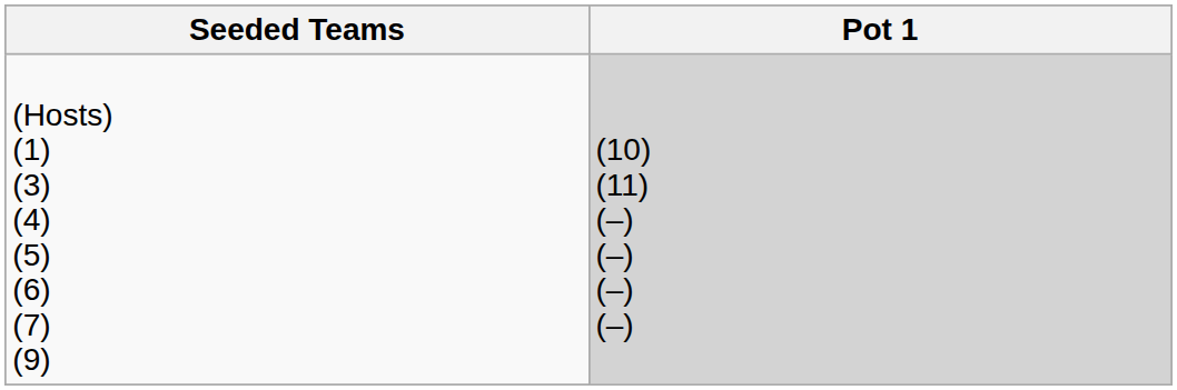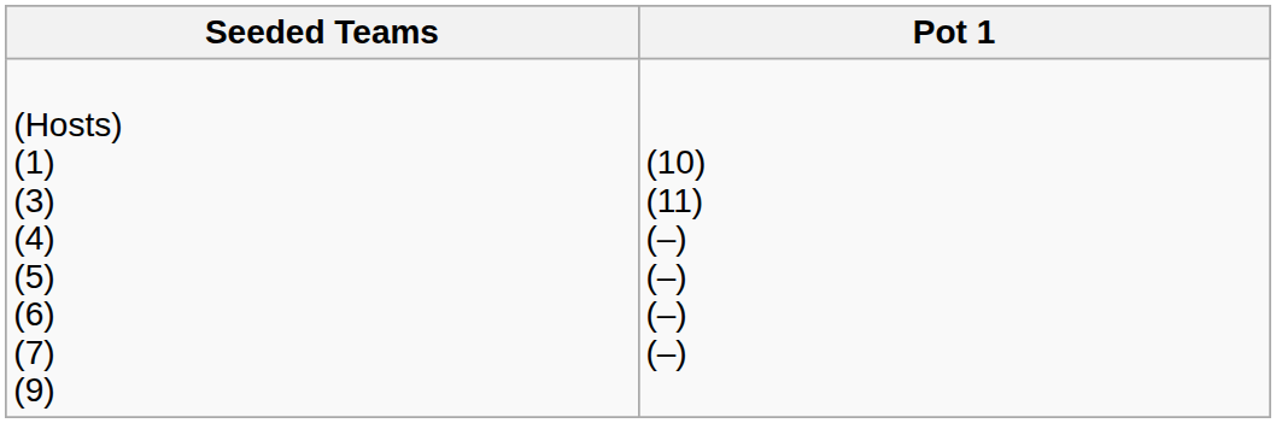 <table class="wikitable" width=600>
 <tr>
 <th width=33.33%>Seeded Teams</th>
 <th width=33.33%>Pot 1</th>
 </tr>
 <tr>
 <td><br> (Hosts)<br>  (1)<br>  (3)<br>  (4)<br>  (5)<br>  (6)<br>  (7)<br>  (9)</td>
-<td style="background: lightgrey;"><br> (10)<br>  (11)<br>  (–)<br>  (–)<br>  (–)<br>  (–)</td>
+<td><br> (10)<br>  (11)<br>  (–)<br>  (–)<br>  (–)<br>  (–)</td>
 </tr>
 </table>
